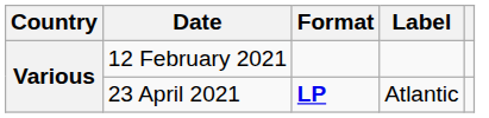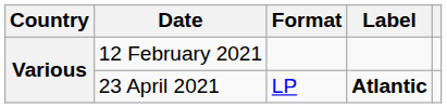 <table class="wikitable plainrowheaders">
 <tr>
 <th>Country</th>
 <th>Date</th>
 <th>Format</th>
 <th>Label</th>
 <th></th>
 </tr>
 <tr>
 <th rowspan="2" scope="row">Various</th>
 <td>12 February 2021</td>
 <td></td>
 <td></td>
 <td></td>
 </tr>
 <tr>
 <td>23 April 2021</td>
-<td><strong><a href='#'>LP</a></strong></td>
-<td>Atlantic</td>
+<td><a href='#'>LP</a></td>
+<td><strong>Atlantic</strong></td>
 <td></td>
 </tr>
 </table>
